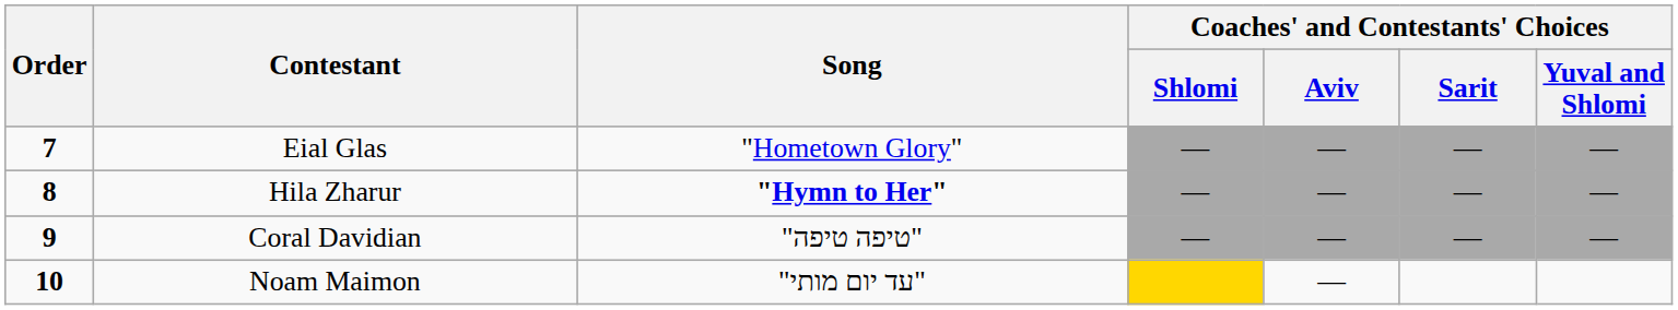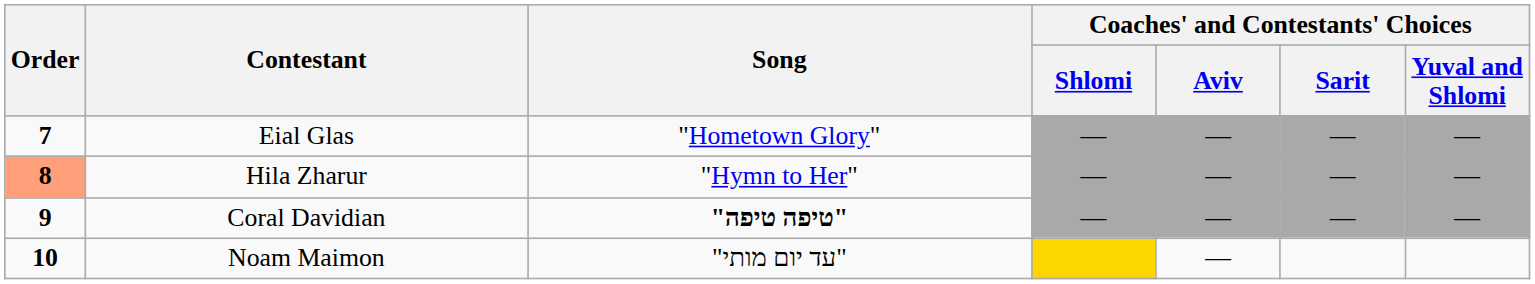 <table class="wikitable" style="text-align: center; width:75%;">
 <tr>
 <th rowspan=2 width="05%">Order</th>
 <th rowspan=2 width="29%">Contestant</th>
 <th rowspan=2>Song</th>
 <th colspan=4>Coaches' and Contestants' Choices</th>
 </tr>
 <tr>
 <th style="width:70px;"><a href='#'>Shlomi</a></th>
 <th style="width:70px;"><a href='#'>Aviv</a></th>
 <th style="width:70px;"><a href='#'>Sarit</a></th>
 <th style="width:70px;"><a href='#'>Yuval and Shlomi</a></th>
 </tr>
 <tr>
 <td align="center"><strong>7</strong></td>
 <td>Eial Glas</td>
 <td>"<a href='#'>Hometown Glory</a>"</td>
 <td style="background:darkgrey;text-align:center;">—</td>
 <td style="background:darkgrey;text-align:center;">—</td>
 <td style="background:darkgrey;text-align:center;">—</td>
 <td style="background:darkgrey;text-align:center;">—</td>
 </tr>
 <tr>
-<td align="center"><strong>8</strong></td>
+<td align="center" style="background: lightsalmon;"><strong>8</strong></td>
 <td>Hila Zharur</td>
-<td><strong>"<a href='#'>Hymn to Her</a>"</strong></td>
+<td>"<a href='#'>Hymn to Her</a>"</td>
 <td style="background:darkgrey;text-align:center;">—</td>
 <td style="background:darkgrey;text-align:center;">—</td>
 <td style="background:darkgrey;text-align:center;">—</td>
 <td style="background:darkgrey;text-align:center;">—</td>
 </tr>
 <tr>
 <td align="center"><strong>9</strong></td>
 <td>Coral Davidian</td>
-<td>"טיפה טיפה"</td>
+<td><strong>"טיפה טיפה"</strong></td>
 <td style="background:darkgrey;text-align:center;">—</td>
 <td style="background:darkgrey;text-align:center;">—</td>
 <td style="background:darkgrey;text-align:center;">—</td>
 <td style="background:darkgrey;text-align:center;">—</td>
 </tr>
 <tr>
 <td align="center"><strong>10</strong></td>
 <td>Noam Maimon</td>
 <td>"עד יום מותי"</td>
 <td style="background:gold;text-align:center;"></td>
 <td align="center">—</td>
 <td style=";text-align:center;"></td>
 <td style=";text-align:center;"></td>
 </tr>
 </table>
